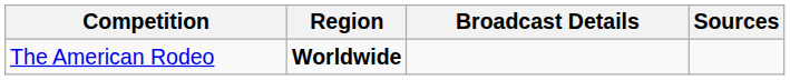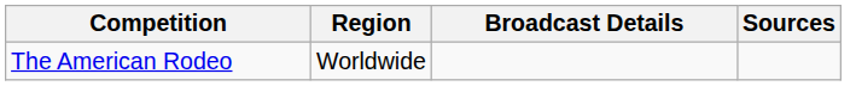 <table class="wikitable">
 <tr>
 <th width="200">Competition</th>
 <th>Region</th>
 <th width="200">Broadcast Details</th>
 <th>Sources</th>
 </tr>
 <tr>
 <td><a href='#'>The American Rodeo</a></td>
-<td><strong>Worldwide</strong></td>
+<td>Worldwide</td>
 <td></td>
 </tr>
 </table>
